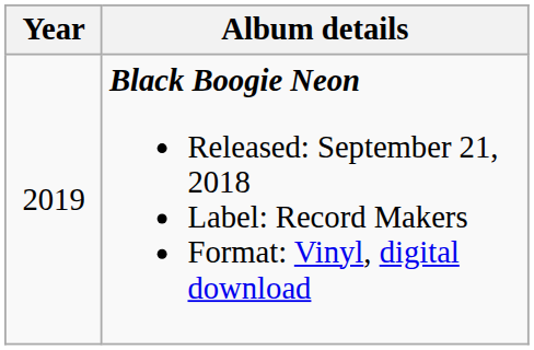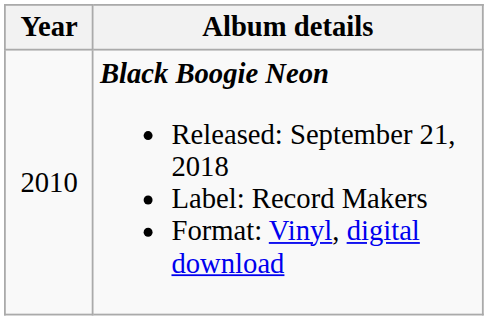 <table class="wikitable" style="text-align:center;">
 <tr>
 <th width="42">Year</th>
 <th width="210">Album details</th>
 </tr>
 <tr>
-<td>2019</td>
+<td>2010</td>
 <td align="left"><strong><em>Black Boogie Neon</em></strong><br><ul><li>Released: September 21, 2018</li><li>Label: Record Makers</li><li>Format: <a href='#'>Vinyl</a>, <a href='#'>digital download</a></li></ul></td>
 </tr>
 </table>
